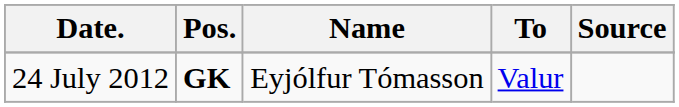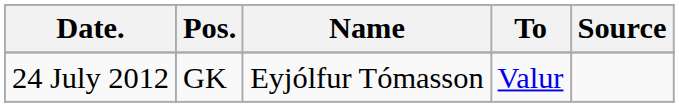 <table class="wikitable">
 <tr>
 <th>Date.</th>
 <th>Pos.</th>
 <th>Name</th>
 <th>To</th>
 <th>Source</th>
 </tr>
 <tr>
 </tr>
 <tr>
 <td>24 July 2012</td>
-<td><strong>GK</strong></td>
+<td>GK</td>
 <td> Eyjólfur Tómasson</td>
 <td colspan=1> <a href='#'>Valur</a></td>
 <td></td>
 </tr>
 </table>
